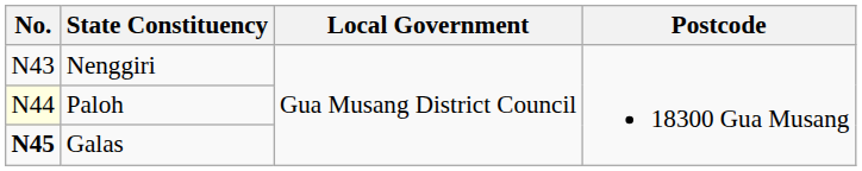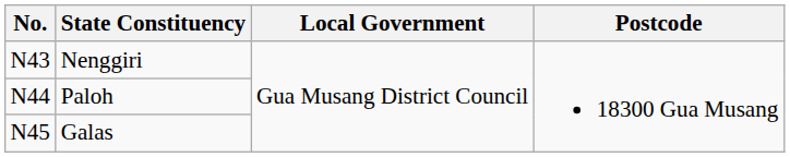 <table class="wikitable">
 <tr>
 <th>No.</th>
 <th>State Constituency</th>
 <th>Local Government</th>
 <th>Postcode</th>
 </tr>
 <tr>
 <td>N43</td>
 <td>Nenggiri</td>
 <td rowspan="3">Gua Musang District Council</td>
 <td rowspan="3"><br><ul><li>18300 Gua Musang</li></ul></td>
 </tr>
 <tr>
-<td style="background: lightyellow;">N44</td>
+<td>N44</td>
 <td>Paloh</td>
 </tr>
 <tr>
-<td><strong>N45</strong></td>
+<td>N45</td>
 <td>Galas</td>
 </tr>
 </table>
